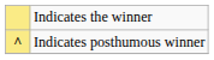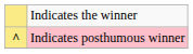 <table class="wikitable">
 <tr>
 <th scope="row" style="text-align:center; background:#FAEB86; height:20px; width:20px"></th>
 <td>Indicates the winner</td>
 </tr>
 <tr>
 <th scope="row" style="text-align:center; background:#FAEB86">^</th>
-<td>Indicates posthumous winner</td>
+<td style="background: pink;">Indicates posthumous winner</td>
 </tr>
 <tr>
 </tr>
 </table>
